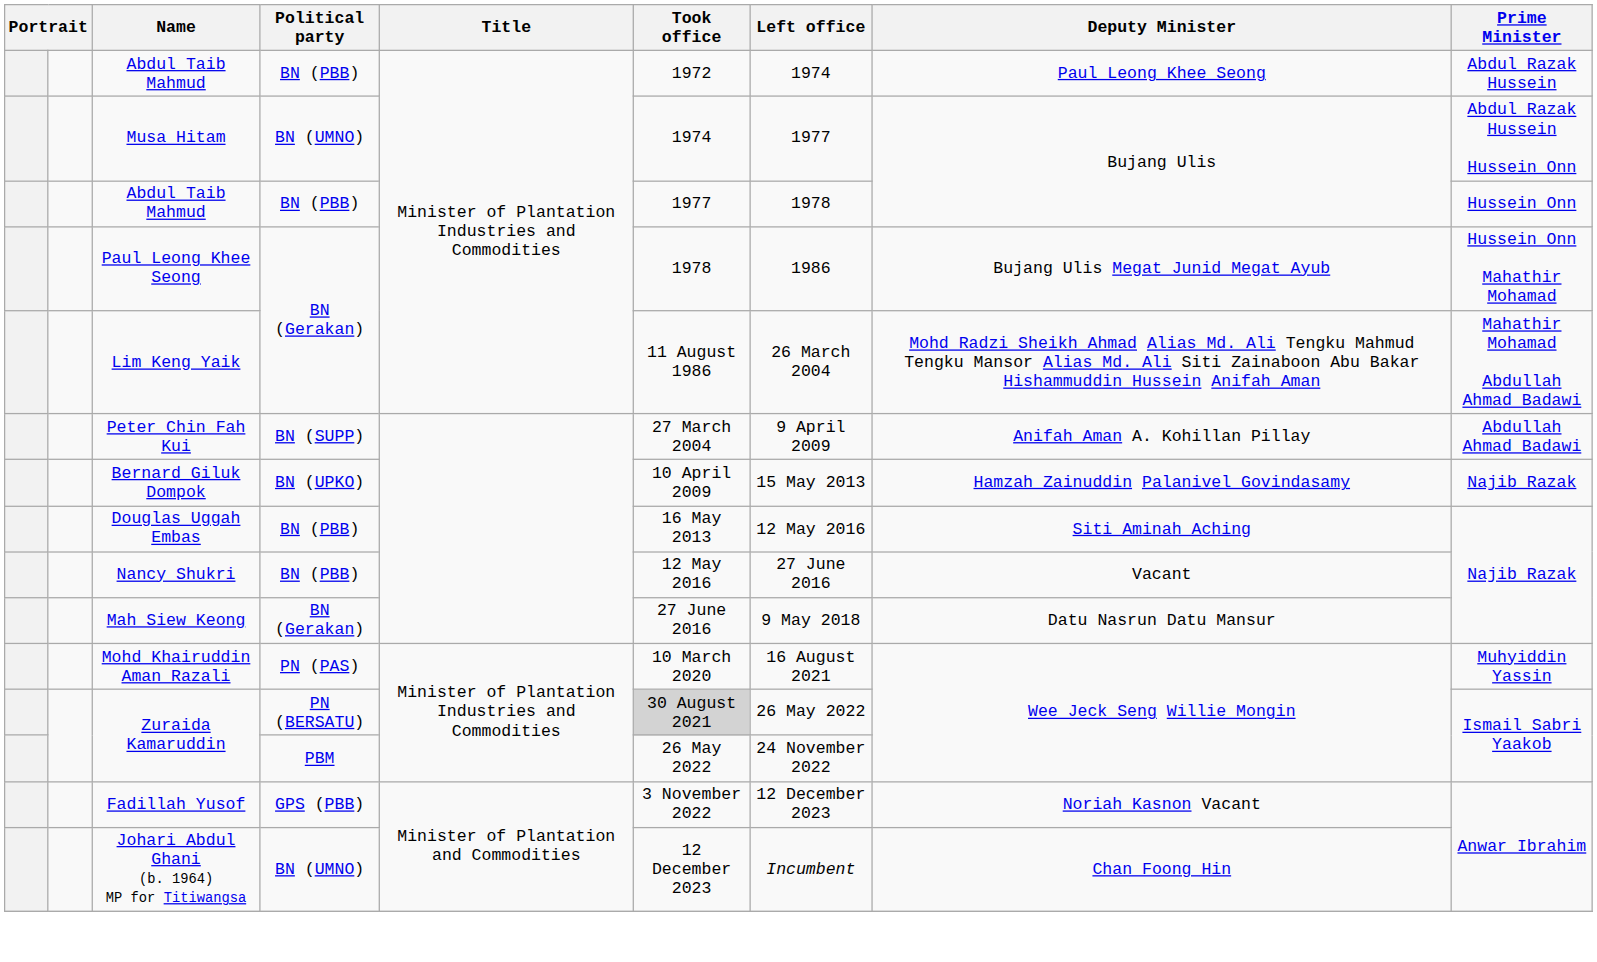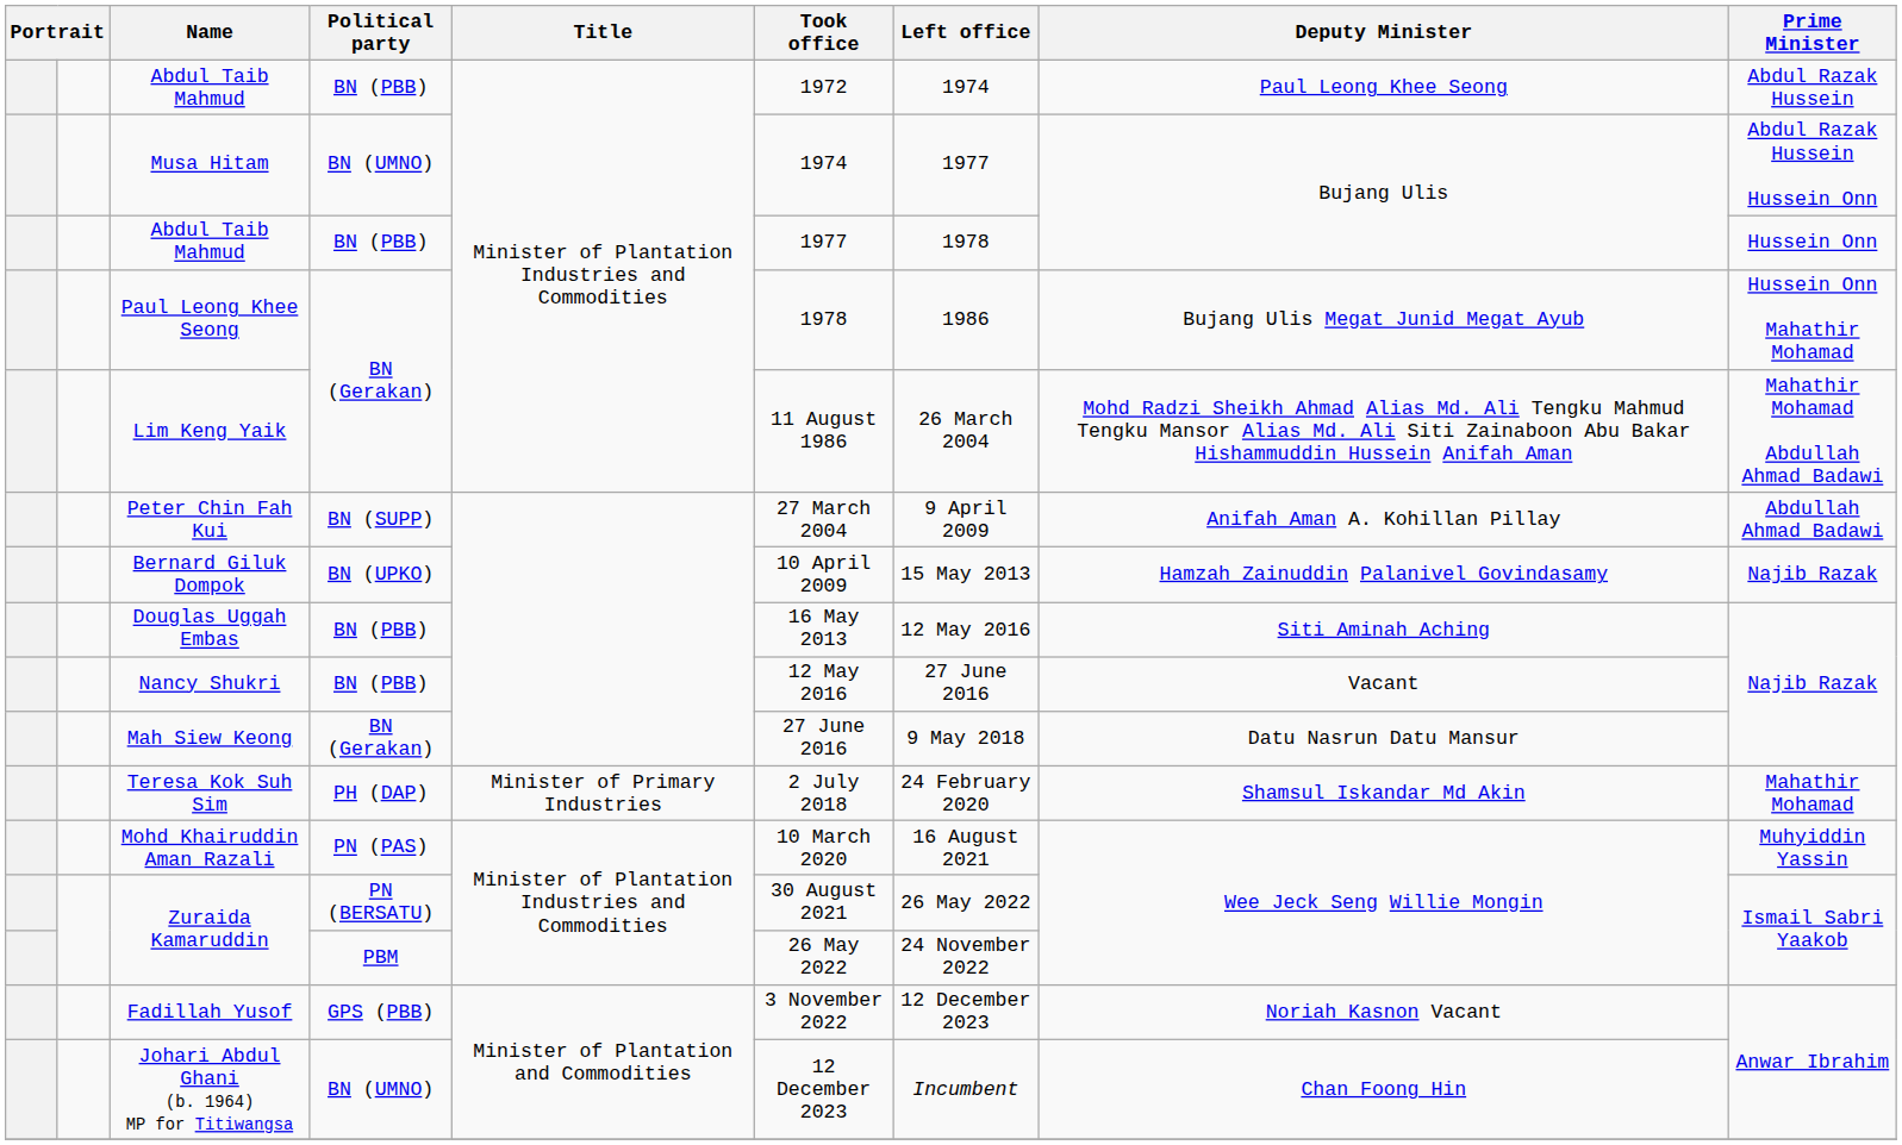 <table class="wikitable" style="text-align:center;">
 <tr>
 <th colspan="2">Portrait</th>
 <th>Name<br></th>
 <th>Political party</th>
 <th>Title</th>
 <th>Took office</th>
 <th>Left office</th>
 <th>Deputy Minister</th>
 <th><a href='#'>Prime Minister</a><br></th>
 </tr>
 <tr>
 <th style="background:"></th>
 <td></td>
 <td><a href='#'>Abdul Taib Mahmud</a><br></td>
 <td><a href='#'>BN</a> (<a href='#'>PBB</a>)</td>
 <td rowspan="5">Minister of Plantation Industries and Commodities</td>
 <td>1972</td>
 <td>1974</td>
 <td><a href='#'>Paul Leong Khee Seong</a></td>
 <td><a href='#'>Abdul Razak Hussein</a><br></td>
 </tr>
 <tr>
 <th style="background:"></th>
 <td></td>
 <td><a href='#'>Musa Hitam</a><br></td>
 <td><a href='#'>BN</a> (<a href='#'>UMNO</a>)</td>
 <td>1974</td>
 <td>1977</td>
 <td rowspan="2">Bujang Ulis</td>
 <td><a href='#'>Abdul Razak Hussein</a><br><br><a href='#'>Hussein Onn</a><br></td>
 </tr>
 <tr>
 <th style="background:"></th>
 <td></td>
 <td><a href='#'>Abdul Taib Mahmud</a><br></td>
 <td><a href='#'>BN</a> (<a href='#'>PBB</a>)</td>
 <td>1977</td>
 <td>1978</td>
 <td><a href='#'>Hussein Onn</a><br></td>
 </tr>
 <tr>
 <th style="background:"></th>
 <td></td>
 <td><a href='#'>Paul Leong Khee Seong</a><br></td>
 <td rowspan="2"><a href='#'>BN</a> (<a href='#'>Gerakan</a>)</td>
 <td>1978</td>
 <td>1986</td>
 <td>Bujang Ulis   <a href='#'>Megat Junid Megat Ayub</a> </td>
 <td><a href='#'>Hussein Onn</a><br><br><a href='#'>Mahathir Mohamad</a><br></td>
 </tr>
 <tr>
 <th style="background:"></th>
 <td></td>
 <td><a href='#'>Lim Keng Yaik</a><br></td>
 <td>11 August 1986</td>
 <td>26 March 2004</td>
 <td><a href='#'>Mohd Radzi Sheikh Ahmad</a>  <a href='#'>Alias Md. Ali</a>  Tengku Mahmud Tengku Mansor  <a href='#'>Alias Md. Ali</a>  Siti Zainaboon Abu Bakar  <a href='#'>Hishammuddin Hussein</a>  <a href='#'>Anifah Aman</a> </td>
 <td><a href='#'>Mahathir Mohamad</a><br><br><a href='#'>Abdullah Ahmad Badawi</a><br></td>
 </tr>
 <tr>
 <th style="background:"></th>
 <td></td>
 <td><a href='#'>Peter Chin Fah Kui</a><br></td>
 <td><a href='#'>BN</a> (<a href='#'>SUPP</a>)</td>
 <td rowspan="5"></td>
 <td>27 March 2004</td>
 <td>9 April 2009</td>
 <td><a href='#'>Anifah Aman</a>  A. Kohillan Pillay</td>
 <td><a href='#'>Abdullah Ahmad Badawi</a><br></td>
 </tr>
 <tr>
 <th style="background:"></th>
 <td></td>
 <td><a href='#'>Bernard Giluk Dompok</a><br></td>
 <td><a href='#'>BN</a> (<a href='#'>UPKO</a>)</td>
 <td>10 April 2009</td>
 <td>15 May 2013</td>
 <td><a href='#'>Hamzah Zainuddin</a>  <a href='#'>Palanivel Govindasamy</a></td>
 <td><a href='#'>Najib Razak</a><br></td>
 </tr>
 <tr>
 <th style="background:"></th>
 <td></td>
 <td><a href='#'>Douglas Uggah Embas</a><br></td>
 <td><a href='#'>BN</a> (<a href='#'>PBB</a>)</td>
 <td>16 May 2013</td>
 <td>12 May 2016</td>
 <td><a href='#'>Siti Aminah Aching</a></td>
 <td rowspan="3"><a href='#'>Najib Razak</a><br></td>
 </tr>
 <tr>
 <th style="background:"></th>
 <td></td>
 <td><a href='#'>Nancy Shukri</a><br></td>
 <td><a href='#'>BN</a> (<a href='#'>PBB</a>)</td>
 <td>12 May 2016</td>
 <td>27 June 2016</td>
 <td>Vacant</td>
 </tr>
 <tr>
 <th style="background:"></th>
 <td></td>
 <td><a href='#'>Mah Siew Keong</a><br></td>
 <td><a href='#'>BN</a> (<a href='#'>Gerakan</a>)</td>
 <td>27 June 2016</td>
 <td>9 May 2018</td>
 <td>Datu Nasrun Datu Mansur</td>
 </tr>
 <tr>
 <th style="background:"></th>
 <td></td>
+<td><a href='#'>Teresa Kok Suh Sim</a><br></td>
+<td><a href='#'>PH</a> (<a href='#'>DAP</a>)</td>
+<td>Minister of Primary Industries</td>
+<td>2 July 2018</td>
+<td>24 February 2020</td>
+<td><a href='#'>Shamsul Iskandar Md Akin</a></td>
+<td><a href='#'>Mahathir Mohamad</a><br></td>
+</tr>
+<tr>
+<th style="background:"></th>
+<td></td>
 <td><a href='#'>Mohd Khairuddin Aman Razali</a><br></td>
 <td><a href='#'>PN</a> (<a href='#'>PAS</a>)</td>
 <td rowspan="3">Minister of Plantation Industries and Commodities</td>
 <td>10 March 2020</td>
 <td>16 August 2021</td>
 <td rowspan="3"><a href='#'>Wee Jeck Seng</a> <a href='#'>Willie Mongin</a></td>
 <td><a href='#'>Muhyiddin Yassin</a><br></td>
 </tr>
 <tr>
 <th style="background:"></th>
 <td rowspan="2"></td>
 <td rowspan="2"><a href='#'>Zuraida Kamaruddin</a><br></td>
 <td><a href='#'>PN</a> (<a href='#'>BERSATU</a>)</td>
-<td style="background: lightgrey;">30 August 2021</td>
+<td>30 August 2021</td>
 <td>26 May 2022</td>
 <td rowspan="2"><a href='#'>Ismail Sabri Yaakob</a><br></td>
 </tr>
 <tr>
 <th style="background:"></th>
 <td><a href='#'>PBM</a></td>
 <td>26 May 2022</td>
 <td>24 November 2022</td>
 </tr>
 <tr>
 <th style="background:"></th>
 <td></td>
 <td><a href='#'>Fadillah Yusof</a><br></td>
 <td><a href='#'>GPS</a> (<a href='#'>PBB</a>)</td>
 <td rowspan="2">Minister of Plantation and Commodities</td>
 <td>3 November 2022</td>
 <td>12 December 2023</td>
 <td><a href='#'>Noriah Kasnon</a>  Vacant</td>
 <td rowspan="2"><a href='#'>Anwar Ibrahim</a><br></td>
 </tr>
 <tr>
 <th style="background:"></th>
 <td></td>
 <td><a href='#'>Johari Abdul Ghani</a><br><small>(b. 1964)<br>MP for <a href='#'>Titiwangsa</a></small></td>
 <td><a href='#'>BN</a> (<a href='#'>UMNO</a>)</td>
 <td>12 December 2023</td>
 <td><em>Incumbent</em></td>
 <td><a href='#'>Chan Foong Hin</a></td>
 </tr>
 <tr>
 </tr>
 </table>
